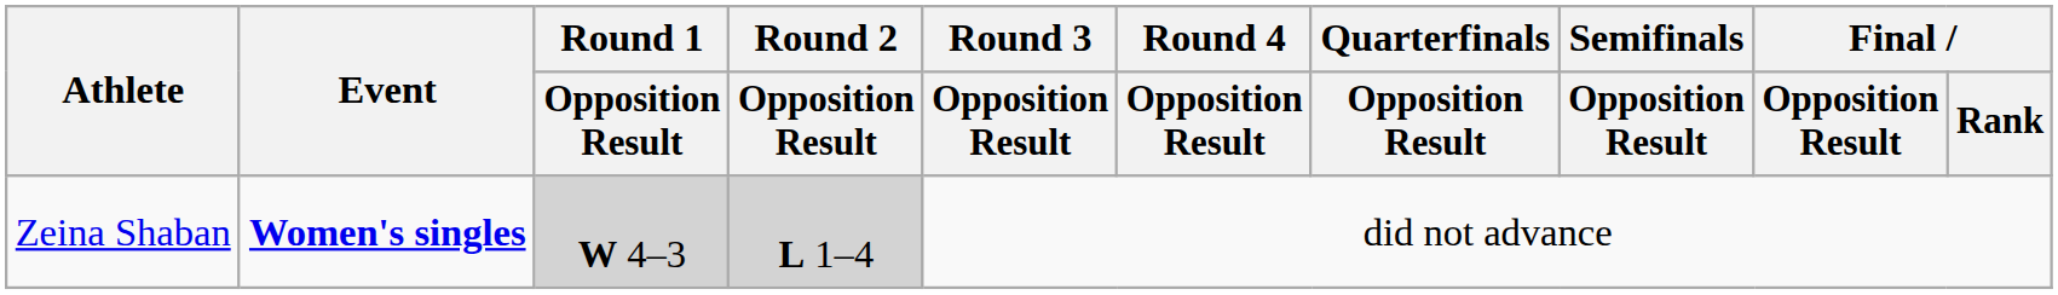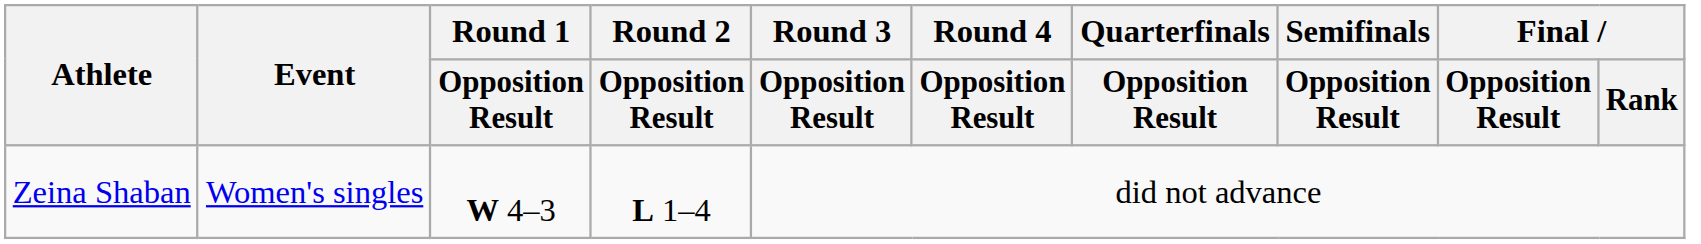 <table class="wikitable" style="font-size:90%">
 <tr>
 <th rowspan="2">Athlete</th>
 <th rowspan="2">Event</th>
 <th>Round 1</th>
 <th>Round 2</th>
 <th>Round 3</th>
 <th>Round 4</th>
 <th>Quarterfinals</th>
 <th>Semifinals</th>
 <th colspan=2>Final / </th>
 </tr>
 <tr style="font-size:95%">
 <th>Opposition<br>Result</th>
 <th>Opposition<br>Result</th>
 <th>Opposition<br>Result</th>
 <th>Opposition<br>Result</th>
 <th>Opposition<br>Result</th>
 <th>Opposition<br>Result</th>
 <th>Opposition<br>Result</th>
 <th>Rank</th>
 </tr>
 <tr align=center>
 <td align=left><a href='#'>Zeina Shaban</a></td>
-<td align=left><strong><a href='#'>Women's singles</a></strong></td>
-<td style="background: lightgrey;"><br><strong>W</strong> 4–3</td>
-<td style="background: lightgrey;"><br><strong>L</strong> 1–4</td>
+<td align=left><a href='#'>Women's singles</a></td>
+<td><br><strong>W</strong> 4–3</td>
+<td><br><strong>L</strong> 1–4</td>
 <td colspan=6>did not advance</td>
 </tr>
 </table>
